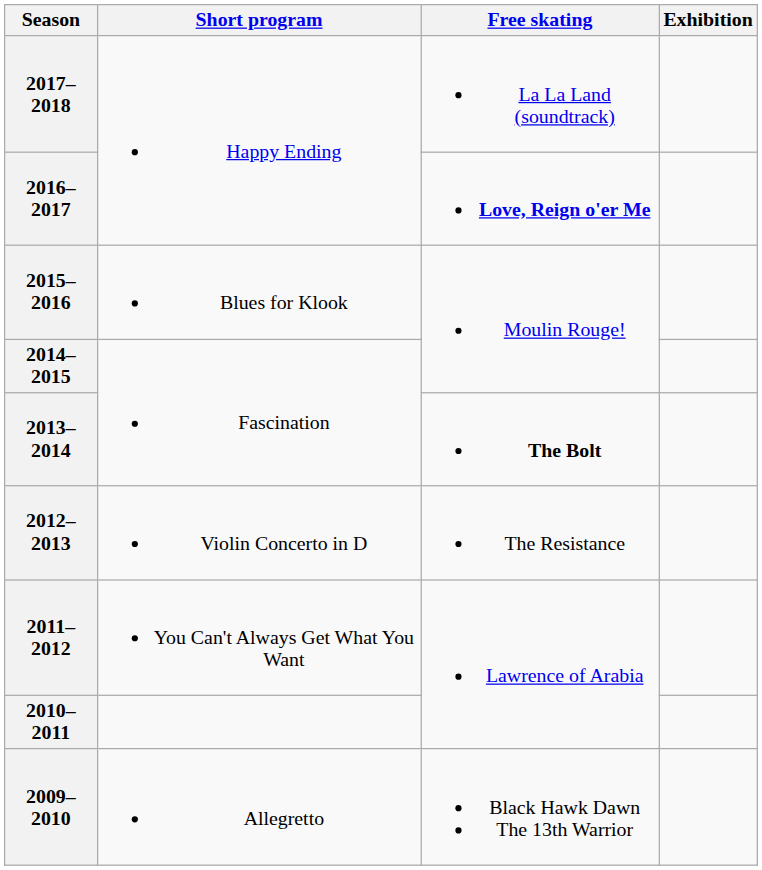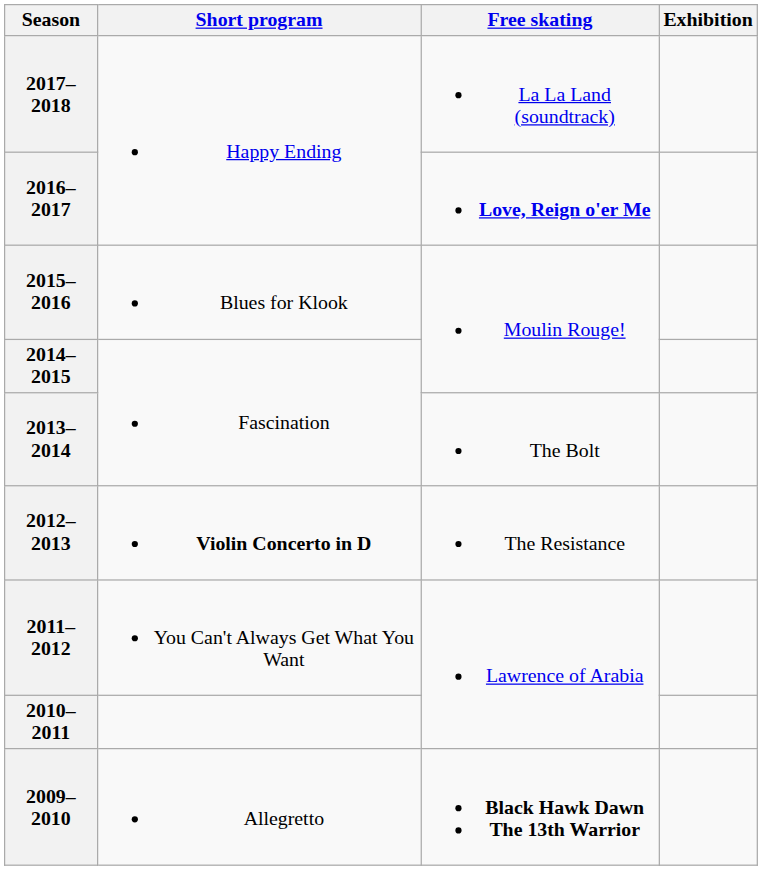 <table class=wikitable style=text-align:center>
 <tr>
 <th>Season</th>
 <th><a href='#'>Short program</a></th>
 <th><a href='#'>Free skating</a></th>
 <th>Exhibition</th>
 </tr>
 <tr>
 <th>2017–2018 <br> </th>
 <td rowspan=2><br><ul><li><a href='#'>Happy Ending</a> <br></li></ul></td>
 <td><br><ul><li><a href='#'>La La Land (soundtrack)</a> <br></li></ul></td>
 <td></td>
 </tr>
 <tr>
 <th>2016–2017 <br> </th>
 <td><strong><br><ul><li><a href='#'>Love, Reign o'er Me</a> <br></li></ul></strong></td>
 <td></td>
 </tr>
 <tr>
 <th>2015–2016 <br> </th>
 <td><br><ul><li>Blues for Klook <br></li></ul></td>
 <td rowspan=2><br><ul><li><a href='#'>Moulin Rouge!</a> <br></li></ul></td>
 <td></td>
 </tr>
 <tr>
 <th>2014–2015 <br> </th>
 <td rowspan=2><br><ul><li>Fascination <br></li></ul></td>
 <td></td>
 </tr>
 <tr>
 <th>2013–2014 <br> </th>
-<td><strong><br><ul><li>The Bolt <br></li></ul></strong></td>
+<td><br><ul><li>The Bolt <br></li></ul></td>
 <td></td>
 </tr>
 <tr>
 <th>2012–2013 <br> </th>
-<td><br><ul><li>Violin Concerto in D <br></li></ul></td>
+<td><strong><br><ul><li>Violin Concerto in D <br></li></ul></strong></td>
 <td><br><ul><li>The Resistance <br></li></ul></td>
 <td></td>
 </tr>
 <tr>
 <th>2011–2012 <br> </th>
 <td><br><ul><li>You Can't Always Get What You Want <br></li></ul></td>
 <td rowspan=2><br><ul><li><a href='#'>Lawrence of Arabia</a> <br></li></ul></td>
 <td></td>
 </tr>
 <tr>
 <th>2010–2011</th>
 <td></td>
 <td></td>
 </tr>
 <tr>
 <th>2009–2010 <br> </th>
 <td><br><ul><li>Allegretto <br></li></ul></td>
-<td><br><ul><li>Black Hawk Dawn <br></li><li>The 13th Warrior <br></li></ul></td>
+<td><strong><br><ul><li>Black Hawk Dawn <br></li><li>The 13th Warrior <br></li></ul></strong></td>
 <td></td>
 </tr>
 </table>
